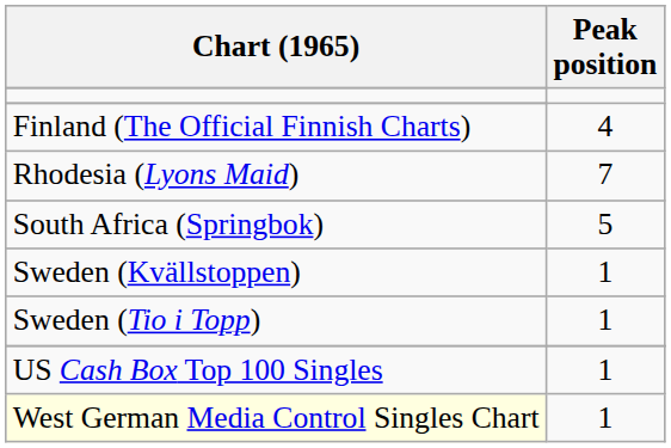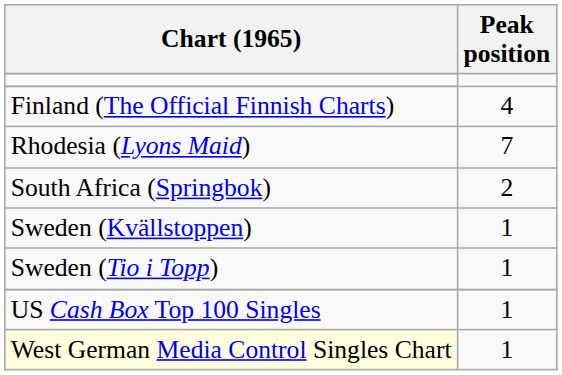 <table class="wikitable sortable">
 <tr>
 <th style="text-align:center">Chart (1965)</th>
 <th style="text-align:center;">Peak<br>position</th>
 </tr>
 <tr>
 </tr>
 <tr>
 </tr>
 <tr>
 </tr>
 <tr>
 </tr>
 <tr>
 <td></td>
 </tr>
 <tr>
 </tr>
 <tr>
 <td>Finland (<a href='#'>The Official Finnish Charts</a>)</td>
 <td style="text-align:center;">4</td>
 </tr>
 <tr>
 <td>Rhodesia (<em><a href='#'>Lyons Maid</a></em>)</td>
 <td style="text-align:center;">7</td>
 </tr>
 <tr>
 <td>South Africa (<a href='#'>Springbok</a>)</td>
-<td align="center">5</td>
+<td align="center">2</td>
 </tr>
 <tr>
 <td>Sweden (<a href='#'>Kvällstoppen</a>)</td>
 <td style="text-align:center;">1</td>
 </tr>
 <tr>
 <td>Sweden (<em><a href='#'>Tio i Topp</a></em>)</td>
 <td style="text-align:center;">1</td>
 </tr>
 <tr>
 </tr>
 <tr>
 </tr>
 <tr>
 <td>US <a href='#'><em>Cash Box</em> Top 100 Singles</a></td>
 <td align="center">1</td>
 </tr>
 <tr>
 <td style="background: lightyellow;">West German <a href='#'>Media Control</a> Singles Chart</td>
 <td align="center">1</td>
 </tr>
 </table>
